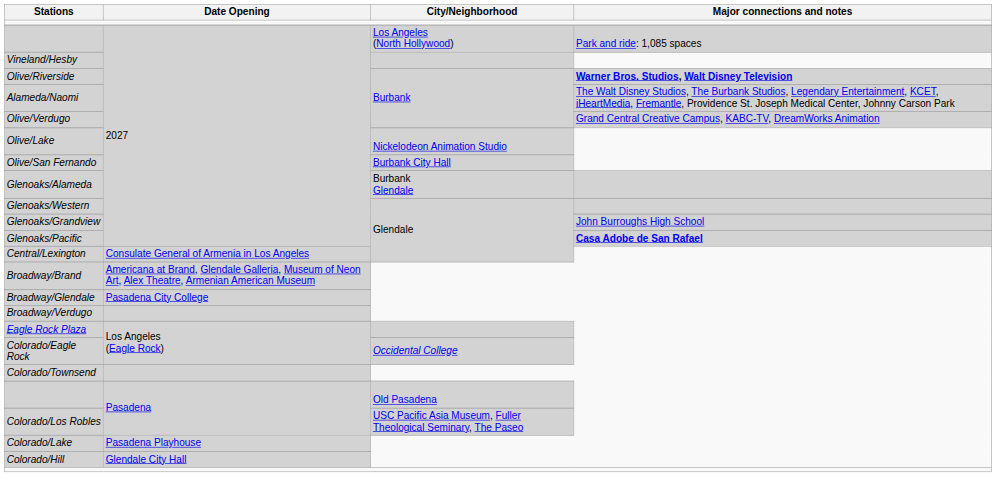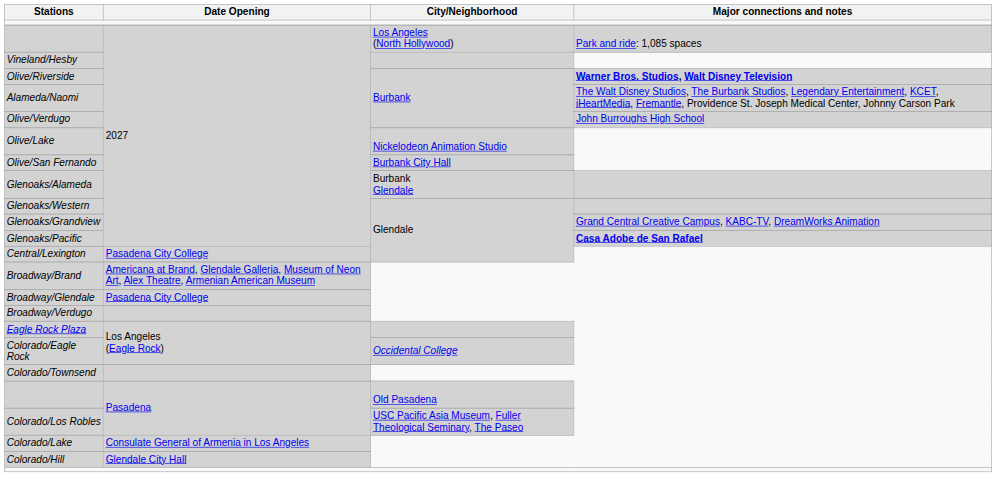 <table class="wikitable">
 <tr>
 <th>Stations</th>
 <th>Date Opening</th>
 <th>City/Neighborhood</th>
 <th>Major connections and notes</th>
 </tr>
 <tr>
 <td colspan="4"></td>
 </tr>
 <tr>
 </tr>
 <tr bgcolor="lightgray">
 <td></td>
 <td rowspan="22">2027</td>
 <td rowspan="2"><a href='#'>Los Angeles</a><br>(<a href='#'>North Hollywood</a>)</td>
 <td><br><a href='#'>Park and ride</a>: 1,085 spaces</td>
 </tr>
 <tr>
 </tr>
 <tr bgcolor="lightgray">
 <td><em>Vineland/Hesby</em></td>
 <td></td>
 </tr>
 <tr>
 </tr>
 <tr bgcolor="lightgray">
 <td><em>Olive/Riverside</em></td>
 <td rowspan="5"><a href='#'>Burbank</a></td>
 <td><strong><a href='#'>Warner Bros. Studios</a>, <a href='#'>Walt Disney Television</a></strong></td>
 </tr>
 <tr>
 </tr>
 <tr bgcolor="lightgray">
 <td><em>Alameda/Naomi</em></td>
 <td><a href='#'>The Walt Disney Studios</a>, <a href='#'>The Burbank Studios</a>, <a href='#'>Legendary Entertainment</a>, <a href='#'>KCET</a>, <a href='#'>iHeartMedia</a>, <a href='#'>Fremantle</a>, Providence St. Joseph Medical Center, Johnny Carson Park</td>
 </tr>
 <tr>
 </tr>
 <tr bgcolor="lightgray">
 <td><em>Olive/Verdugo</em></td>
-<td><a href='#'>Grand Central Creative Campus</a>, <a href='#'>KABC-TV</a>, <a href='#'>DreamWorks Animation</a></td>
+<td><a href='#'>John Burroughs High School</a></td>
 </tr>
 <tr>
 </tr>
 <tr bgcolor="lightgray">
 <td><em>Olive/Lake</em></td>
 <td>  <br><a href='#'>Nickelodeon Animation Studio</a></td>
 </tr>
 <tr>
 </tr>
 <tr bgcolor="lightgray">
 <td><em>Olive/San Fernando</em></td>
 <td><a href='#'>Burbank City Hall</a></td>
 </tr>
 <tr>
 </tr>
 <tr bgcolor="lightgray">
 <td><em>Glenoaks/Alameda</em></td>
 <td>Burbank <br><a href='#'>Glendale</a> </td>
 <td></td>
 </tr>
 <tr>
 </tr>
 <tr bgcolor="lightgray">
 <td><em>Glenoaks/Western</em></td>
 <td rowspan="7">Glendale</td>
 <td></td>
 </tr>
 <tr>
 </tr>
 <tr bgcolor="lightgray">
 <td><em>Glenoaks/Grandview</em></td>
-<td><a href='#'>John Burroughs High School</a></td>
+<td><a href='#'>Grand Central Creative Campus</a>, <a href='#'>KABC-TV</a>, <a href='#'>DreamWorks Animation</a></td>
 </tr>
 <tr>
 </tr>
 <tr bgcolor="lightgray">
 <td><em>Glenoaks/Pacific</em></td>
 <td><strong><a href='#'>Casa Adobe de San Rafael</a></strong></td>
 </tr>
 <tr>
 </tr>
 <tr bgcolor="lightgray">
 <td><em>Central/Lexington</em></td>
-<td><a href='#'>Consulate General of Armenia in Los Angeles</a></td>
+<td><a href='#'>Pasadena City College</a></td>
 </tr>
 <tr>
 </tr>
 <tr bgcolor="lightgray">
 <td><em>Broadway/Brand</em></td>
 <td><a href='#'>Americana at Brand</a>, <a href='#'>Glendale Galleria</a>, <a href='#'>Museum of Neon Art</a>, <a href='#'>Alex Theatre</a>, <a href='#'>Armenian American Museum</a></td>
 </tr>
 <tr>
 </tr>
 <tr bgcolor="lightgray">
 <td><em>Broadway/Glendale</em></td>
 <td><a href='#'>Pasadena City College</a></td>
 </tr>
 <tr>
 </tr>
 <tr bgcolor="lightgray">
 <td><em>Broadway/Verdugo</em></td>
 <td></td>
 </tr>
 <tr>
 </tr>
 <tr bgcolor="lightgray">
 <td><em><a href='#'>Eagle Rock Plaza</a></em></td>
 <td rowspan="3">Los Angeles<br>(<a href='#'>Eagle Rock</a>)</td>
 <td></td>
 </tr>
 <tr>
 </tr>
 <tr bgcolor="lightgray">
 <td><em>Colorado/Eagle Rock</em></td>
 <td><em><a href='#'>Occidental College</a></em></td>
 </tr>
 <tr>
 </tr>
 <tr bgcolor="lightgray">
 <td><em>Colorado/Townsend</em></td>
 <td></td>
 </tr>
 <tr>
 </tr>
 <tr bgcolor="lightgray">
 <td></td>
 <td rowspan="4"><a href='#'>Pasadena</a></td>
 <td><br><a href='#'>Old Pasadena</a></td>
 </tr>
 <tr>
 </tr>
 <tr bgcolor="lightgray">
 <td><em>Colorado/Los Robles</em></td>
 <td><a href='#'>USC Pacific Asia Museum</a>, <a href='#'>Fuller Theological Seminary</a>, <a href='#'>The Paseo</a></td>
 </tr>
 <tr>
 </tr>
 <tr bgcolor="lightgray">
 <td><em>Colorado/Lake</em></td>
-<td><a href='#'>Pasadena Playhouse</a></td>
+<td><a href='#'>Consulate General of Armenia in Los Angeles</a></td>
 </tr>
 <tr>
 </tr>
 <tr bgcolor="lightgray">
 <td><em>Colorado/Hill</em></td>
 <td><a href='#'>Glendale City Hall</a></td>
 </tr>
 <tr>
 <td colspan="4"></td>
 </tr>
 </table>
